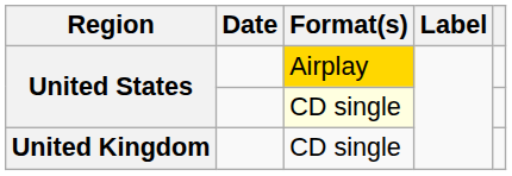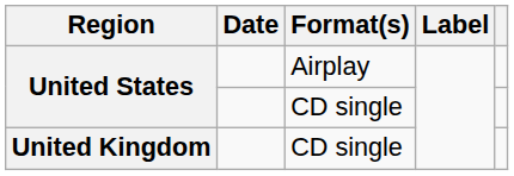 <table class="wikitable plainrowheaders">
 <tr>
 <th scope="col">Region</th>
 <th scope="col">Date</th>
 <th scope="col">Format(s)</th>
 <th scope="col">Label</th>
 <th scope="col"></th>
 </tr>
 <tr>
 <th rowspan="2" scope="row">United States</th>
 <td></td>
-<td style="background: gold;">Airplay</td>
+<td>Airplay</td>
 <td rowspan="3"></td>
 <td style="text-align:center;"></td>
 </tr>
 <tr>
 <td></td>
-<td style="background: lightyellow;">CD single</td>
+<td>CD single</td>
 <td style="text-align:center;"></td>
 </tr>
 <tr>
 <th scope="row">United Kingdom</th>
 <td></td>
 <td>CD single</td>
 <td style="text-align:center;"></td>
 </tr>
 </table>
